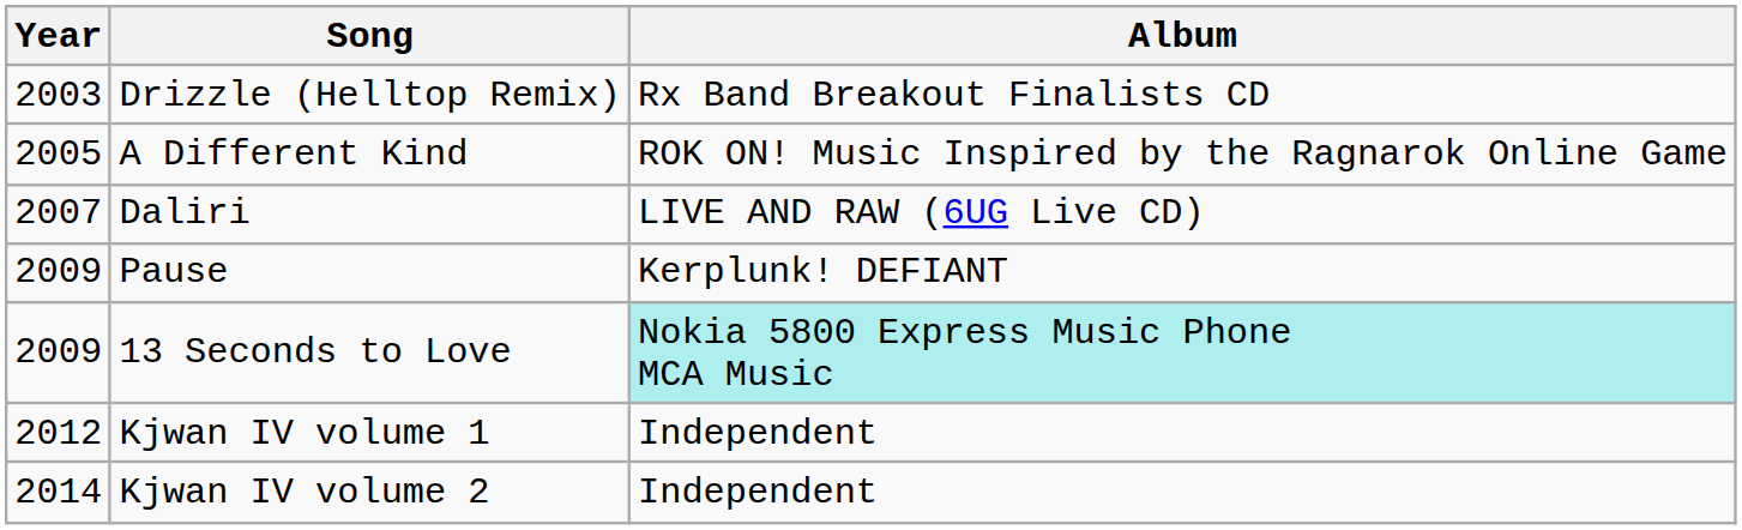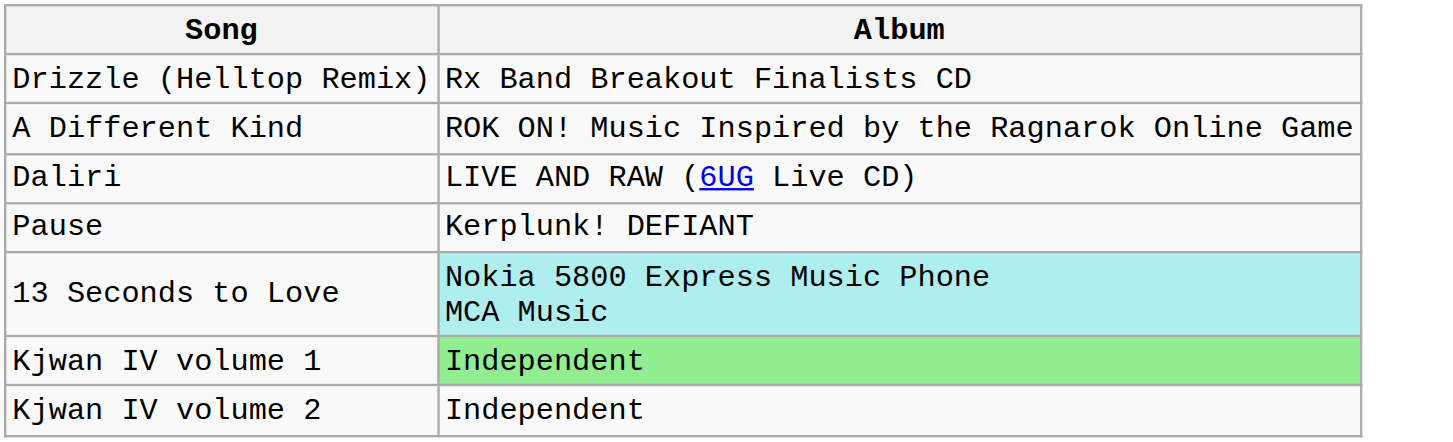 <table class="wikitable">
 <tr>
-<th>Year</th>
 <th>Song</th>
 <th>Album</th>
 </tr>
 <tr>
-<td>2003</td>
 <td>Drizzle (Helltop Remix)</td>
 <td>Rx Band Breakout Finalists CD</td>
 </tr>
 <tr>
-<td>2005</td>
 <td>A Different Kind</td>
 <td>ROK ON! Music Inspired by the Ragnarok Online Game</td>
 </tr>
 <tr>
-<td>2007</td>
 <td>Daliri</td>
 <td>LIVE AND RAW (<a href='#'>6UG</a> Live CD)</td>
 </tr>
 <tr>
-<td>2009</td>
 <td>Pause</td>
 <td>Kerplunk! DEFIANT</td>
 </tr>
 <tr>
-<td>2009</td>
 <td>13 Seconds to Love</td>
 <td style="background: paleturquoise;">Nokia 5800 Express Music Phone<br>MCA Music</td>
 </tr>
 <tr>
-<td>2012</td>
 <td>Kjwan IV volume 1</td>
-<td>Independent</td>
+<td style="background: lightgreen;">Independent</td>
 </tr>
 <tr>
-<td>2014</td>
 <td>Kjwan IV volume 2</td>
 <td>Independent</td>
 </tr>
 </table>
